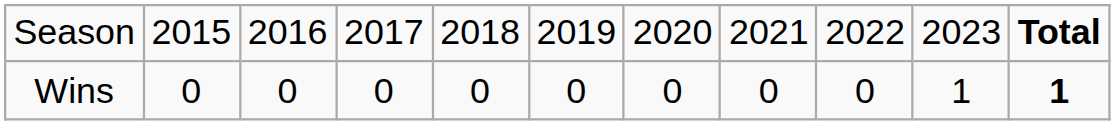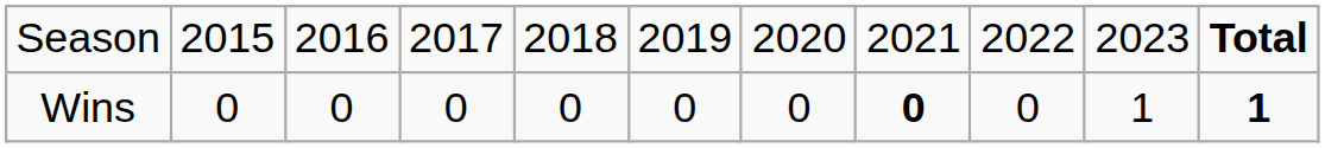 <table class="wikitable sortable">
 <tr>
 <td>Season</td>
 <td>2015</td>
 <td>2016</td>
 <td>2017</td>
 <td>2018</td>
 <td>2019</td>
 <td>2020</td>
 <td>2021</td>
 <td>2022</td>
 <td>2023</td>
 <td><strong>Total</strong></td>
 </tr>
 <tr style=text-align:center>
 <td>Wins</td>
 <td>0</td>
 <td>0</td>
 <td>0</td>
 <td>0</td>
 <td>0</td>
 <td>0</td>
-<td>0</td>
+<td><strong>0</strong></td>
 <td>0</td>
 <td>1</td>
 <td><strong>1</strong></td>
 </tr>
 </table>
